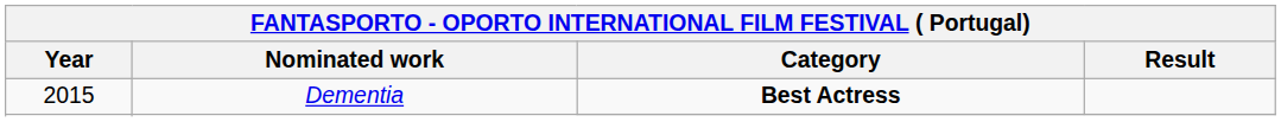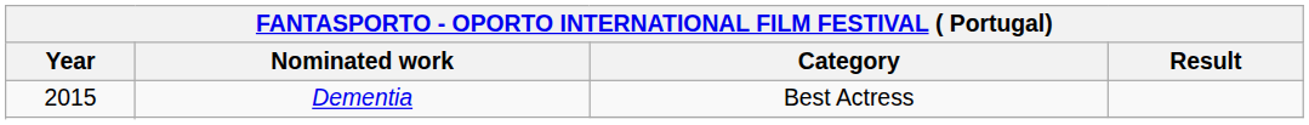 <table width="70%" class="wikitable sortable">
 <tr>
 <th colspan="4" align="center"><a href='#'>FANTASPORTO - OPORTO INTERNATIONAL FILM FESTIVAL</a> ( Portugal)</th>
 </tr>
 <tr>
 <th width="10%">Year</th>
 <th width="35%">Nominated work</th>
 <th width="40%">Category</th>
 <th width="15%">Result</th>
 </tr>
 <tr>
 <td rowspan = 2 align="center">2015</td>
 <td rowspan = 2 align="center"><em><a href='#'>Dementia</a></em></td>
-<td align="center"><strong>Best Actress</strong></td>
+<td align="center">Best Actress</td>
 <td></td>
 </tr>
 <tr>
 </tr>
 </table>
